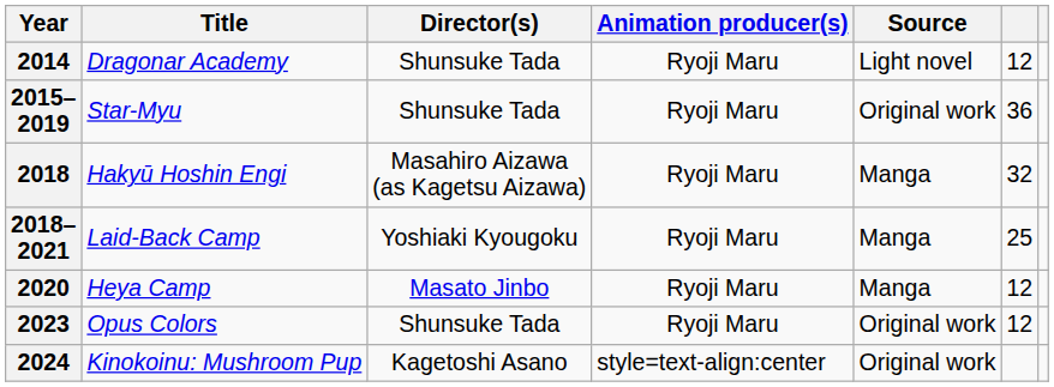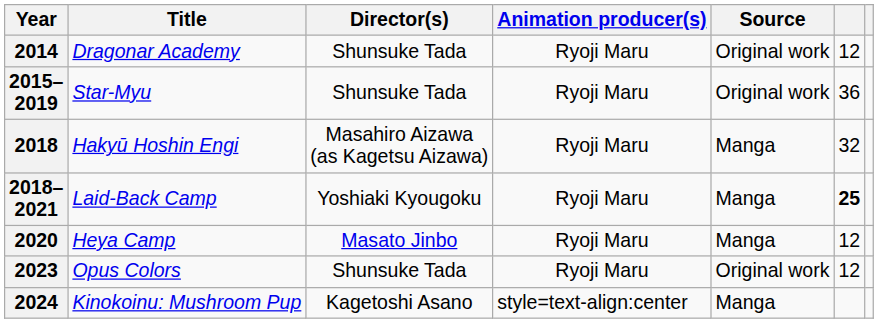 <table class="wikitable sortable plainrowheaders">
 <tr>
 <th scope="col" class="unsortable" width=10>Year</th>
 <th scope="col">Title</th>
 <th scope="col">Director(s)</th>
 <th scope="col"><a href='#'>Animation producer(s)</a></th>
 <th scope="col">Source</th>
 <th scope="col"></th>
 <th scope="col" class="unsortable"></th>
 </tr>
 <tr>
 <th scope="row">2014</th>
 <td><em><a href='#'>Dragonar Academy</a></em></td>
 <td style=text-align:center>Shunsuke Tada</td>
 <td style=text-align:center>Ryoji Maru</td>
-<td>Light novel</td>
+<td>Original work</td>
 <td>12</td>
 <td></td>
 </tr>
 <tr>
 <th scope="row">2015–2019</th>
 <td><em><a href='#'>Star-Myu</a></em></td>
 <td style=text-align:center>Shunsuke Tada</td>
 <td style=text-align:center>Ryoji Maru</td>
 <td>Original work</td>
 <td>36</td>
 <td></td>
 </tr>
 <tr>
 <th scope="row">2018</th>
 <td><em><a href='#'>Hakyū Hoshin Engi</a></em></td>
 <td style=text-align:center>Masahiro Aizawa<br>(as Kagetsu Aizawa)</td>
 <td style=text-align:center>Ryoji Maru</td>
 <td>Manga</td>
 <td>32</td>
 <td></td>
 </tr>
 <tr>
 <th scope="row">2018–2021</th>
 <td><em><a href='#'>Laid-Back Camp</a></em></td>
 <td style=text-align:center>Yoshiaki Kyougoku</td>
 <td style=text-align:center>Ryoji Maru</td>
 <td>Manga</td>
-<td>25</td>
+<td><strong>25</strong></td>
 <td></td>
 </tr>
 <tr>
 <th scope="row">2020</th>
 <td><em><a href='#'>Heya Camp</a></em></td>
 <td style=text-align:center><a href='#'>Masato Jinbo</a></td>
 <td style=text-align:center>Ryoji Maru</td>
 <td>Manga</td>
 <td>12</td>
 <td></td>
 </tr>
 <tr>
 <th scope="row">2023</th>
 <td><em><a href='#'>Opus Colors</a></em></td>
 <td style=text-align:center>Shunsuke Tada</td>
 <td style=text-align:center>Ryoji Maru</td>
 <td>Original work</td>
 <td>12</td>
 <td></td>
 </tr>
 <tr>
 <th scope="row">2024</th>
 <td><em><a href='#'>Kinokoinu: Mushroom Pup</a></em></td>
 <td style=text-align:center>Kagetoshi Asano</td>
 <td>style=text-align:center </td>
-<td>Original work</td>
+<td>Manga</td>
 <td></td>
 <td></td>
 </tr>
 </table>
